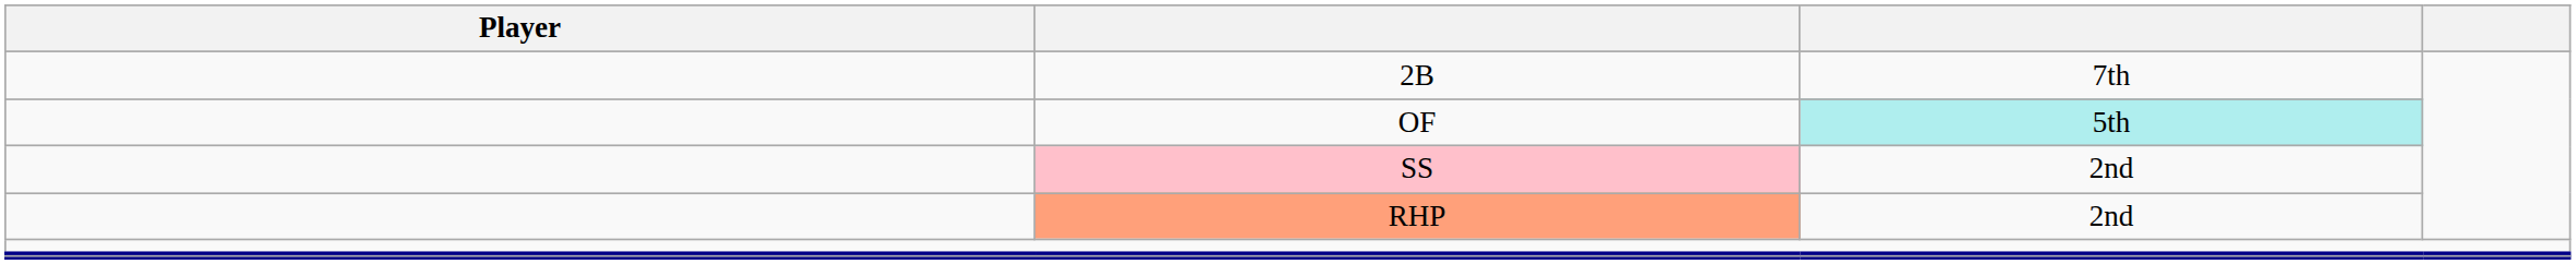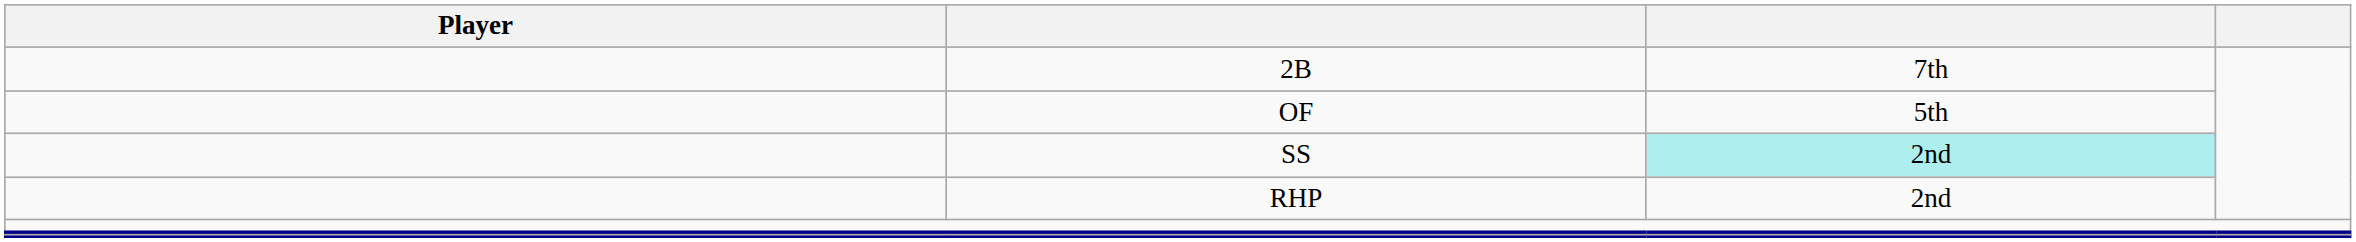 <table class="wikitable" style="width:70%;">
 <tr align=center>
 <th>Player</th>
 <th></th>
 <th></th>
 <th></th>
 </tr>
 <tr align=center>
 <td></td>
 <td>2B</td>
 <td>7th</td>
 <td rowspan="4"></td>
 </tr>
 <tr align=center>
 <td></td>
 <td>OF</td>
-<td style="background: paleturquoise;">5th</td>
+<td>5th</td>
 </tr>
 <tr align=center>
 <td></td>
-<td style="background: pink;">SS</td>
-<td>2nd</td>
+<td>SS</td>
+<td style="background: paleturquoise;">2nd</td>
 </tr>
 <tr align=center>
 <td></td>
-<td style="background: lightsalmon;">RHP</td>
+<td>RHP</td>
 <td>2nd</td>
 </tr>
 <tr align=center>
 <td style="border-bottom:#020088 5px solid;" colspan="4"><small></small></td>
 </tr>
 <tr>
 </tr>
 </table>
